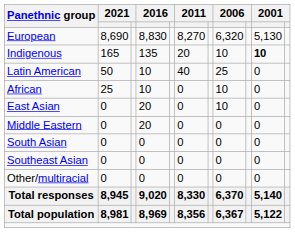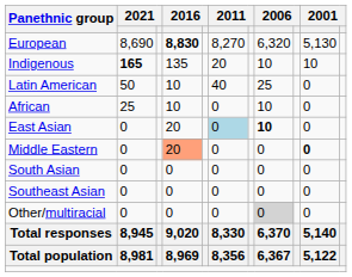 <table class="wikitable collapsible sortable">
 <tr>
 <th rowspan="2"><a href='#'>Panethnic</a> group</th>
 <th colspan="2">2021</th>
 <th colspan="2">2016</th>
 <th colspan="2">2011</th>
 <th colspan="2">2006</th>
 <th colspan="2">2001</th>
 </tr>
 <tr>
 <th><a href='#'></a></th>
 <th></th>
 <th></th>
 <th></th>
 <th></th>
 <th></th>
 <th></th>
 <th></th>
 <th></th>
 <th></th>
 </tr>
 <tr>
 <td><a href='#'>European</a></td>
 <td>8,690</td>
 <td></td>
-<td>8,830</td>
+<td><strong>8,830</strong></td>
 <td></td>
 <td>8,270</td>
 <td></td>
 <td>6,320</td>
 <td></td>
 <td>5,130</td>
 <td></td>
 </tr>
 <tr>
 <td><a href='#'>Indigenous</a></td>
-<td>165</td>
+<td><strong>165</strong></td>
 <td></td>
 <td>135</td>
 <td></td>
 <td>20</td>
 <td></td>
 <td>10</td>
 <td></td>
-<td><strong>10</strong></td>
+<td>10</td>
 <td></td>
 </tr>
 <tr>
 <td><a href='#'>Latin American</a></td>
 <td>50</td>
 <td></td>
 <td>10</td>
 <td></td>
 <td>40</td>
 <td></td>
 <td>25</td>
 <td></td>
 <td>0</td>
 <td></td>
 </tr>
 <tr>
 <td><a href='#'>African</a></td>
 <td>25</td>
 <td></td>
 <td>10</td>
 <td></td>
 <td>0</td>
 <td></td>
 <td>10</td>
 <td></td>
 <td>0</td>
 <td></td>
 </tr>
 <tr>
 <td><a href='#'>East Asian</a></td>
 <td>0</td>
 <td></td>
 <td>20</td>
 <td></td>
-<td>0</td>
+<td style="background: lightblue;">0</td>
 <td></td>
-<td>10</td>
+<td><strong>10</strong></td>
 <td></td>
 <td>0</td>
 <td></td>
 </tr>
 <tr>
 <td><a href='#'>Middle Eastern</a></td>
 <td>0</td>
 <td></td>
-<td>20</td>
+<td style="background: lightsalmon;">20</td>
 <td></td>
 <td>0</td>
 <td></td>
 <td>0</td>
 <td></td>
-<td>0</td>
+<td><strong>0</strong></td>
 <td></td>
 </tr>
 <tr>
 <td><a href='#'>South Asian</a></td>
 <td>0</td>
 <td></td>
 <td>0</td>
 <td></td>
 <td>0</td>
 <td></td>
 <td>0</td>
 <td></td>
 <td>0</td>
 <td></td>
 </tr>
 <tr>
 <td><a href='#'>Southeast Asian</a></td>
 <td>0</td>
 <td></td>
 <td>0</td>
 <td></td>
 <td>0</td>
 <td></td>
 <td>0</td>
 <td></td>
 <td>0</td>
 <td></td>
 </tr>
 <tr>
 <td>Other/<a href='#'>multiracial</a></td>
 <td>0</td>
 <td></td>
 <td>0</td>
 <td></td>
 <td>0</td>
 <td></td>
-<td>0</td>
+<td style="background: lightgrey;">0</td>
 <td></td>
 <td>0</td>
 <td></td>
 </tr>
 <tr>
 <th>Total responses</th>
 <th>8,945</th>
 <th></th>
 <th>9,020</th>
 <th></th>
 <th>8,330</th>
 <th></th>
 <th>6,370</th>
 <th></th>
 <th>5,140</th>
 <th></th>
 </tr>
 <tr class="sortbottom">
 <th>Total population</th>
 <th>8,981</th>
 <th></th>
 <th>8,969</th>
 <th></th>
 <th>8,356</th>
 <th></th>
 <th>6,367</th>
 <th></th>
 <th>5,122</th>
 <th></th>
 </tr>
 <tr class="sortbottom">
 <td colspan="11"></td>
 </tr>
 </table>
